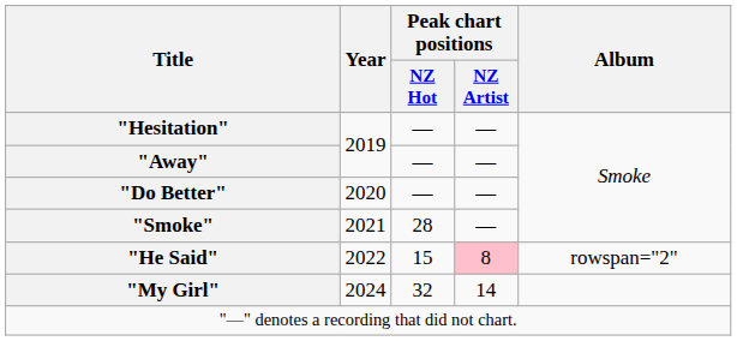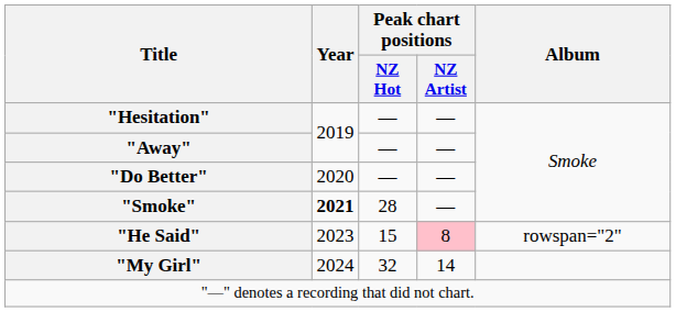 <table class="wikitable plainrowheaders" style="text-align:center;">
 <tr>
 <th scope="col" rowspan="2" style="width:16em;">Title</th>
 <th scope="col" rowspan="2" style="width:1em;">Year</th>
 <th scope="col" colspan="2">Peak chart positions</th>
 <th scope="col" rowspan="2" style="width:10em;">Album</th>
 </tr>
 <tr>
 <th scope="col" style="width:3em;font-size:90%;"><a href='#'>NZ<br>Hot</a><br></th>
 <th scope="col" style="width:3em;font-size:90%;"><a href='#'>NZ<br>Artist</a><br></th>
 </tr>
 <tr>
 <th scope="row">"Hesitation"</th>
 <td rowspan="2">2019</td>
 <td>—</td>
 <td>—</td>
 <td rowspan="4"><em>Smoke</em></td>
 </tr>
 <tr>
 <th scope="row">"Away"</th>
 <td>—</td>
 <td>—</td>
 </tr>
 <tr>
 <th scope="row">"Do Better"</th>
 <td>2020</td>
 <td>—</td>
 <td>—</td>
 </tr>
 <tr>
 <th scope="row">"Smoke"<br></th>
-<td>2021</td>
+<td><strong>2021</strong></td>
 <td>28</td>
 <td>—</td>
 </tr>
 <tr>
 <th scope="row">"He Said"</th>
-<td>2022</td>
+<td>2023</td>
 <td>15</td>
 <td style="background: pink;">8</td>
 <td>rowspan="2" </td>
 </tr>
 <tr>
 <th scope="row">"My Girl"<br></th>
 <td>2024</td>
 <td>32</td>
 <td>14</td>
 </tr>
 <tr>
 <td colspan="8" style="font-size:85%;">"—" denotes a recording that did not chart.</td>
 </tr>
 </table>
